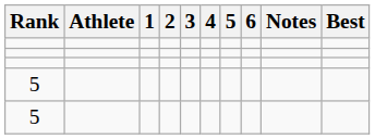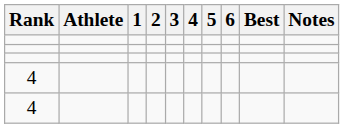 <table class="wikitable sortable" style="text-align:center">
 <tr>
 <th>Rank</th>
 <th>Athlete</th>
 <th>1</th>
 <th>2</th>
 <th>3</th>
 <th>4</th>
 <th>5</th>
 <th>6</th>
+<th>Best</th>
 <th>Notes</th>
-<th>Best</th>
 </tr>
 <tr>
 <td></td>
 <td></td>
 <td></td>
 <td></td>
 <td></td>
 <td></td>
 <td></td>
 <td></td>
 <td></td>
 <td></td>
 </tr>
 <tr>
 <td></td>
 <td></td>
 <td></td>
 <td></td>
 <td></td>
 <td></td>
 <td></td>
 <td></td>
 <td></td>
 <td></td>
 </tr>
 <tr>
 <td></td>
 <td></td>
 <td></td>
 <td></td>
 <td></td>
 <td></td>
 <td></td>
 <td></td>
 <td></td>
 <td></td>
 </tr>
 <tr>
-<td>5</td>
+<td>4</td>
 <td></td>
 <td></td>
 <td></td>
 <td></td>
 <td></td>
 <td></td>
 <td></td>
 <td></td>
 <td></td>
 </tr>
 <tr>
-<td>5</td>
+<td>4</td>
 <td></td>
 <td></td>
 <td></td>
 <td></td>
 <td></td>
 <td></td>
 <td></td>
 <td></td>
 <td></td>
 </tr>
 </table>
